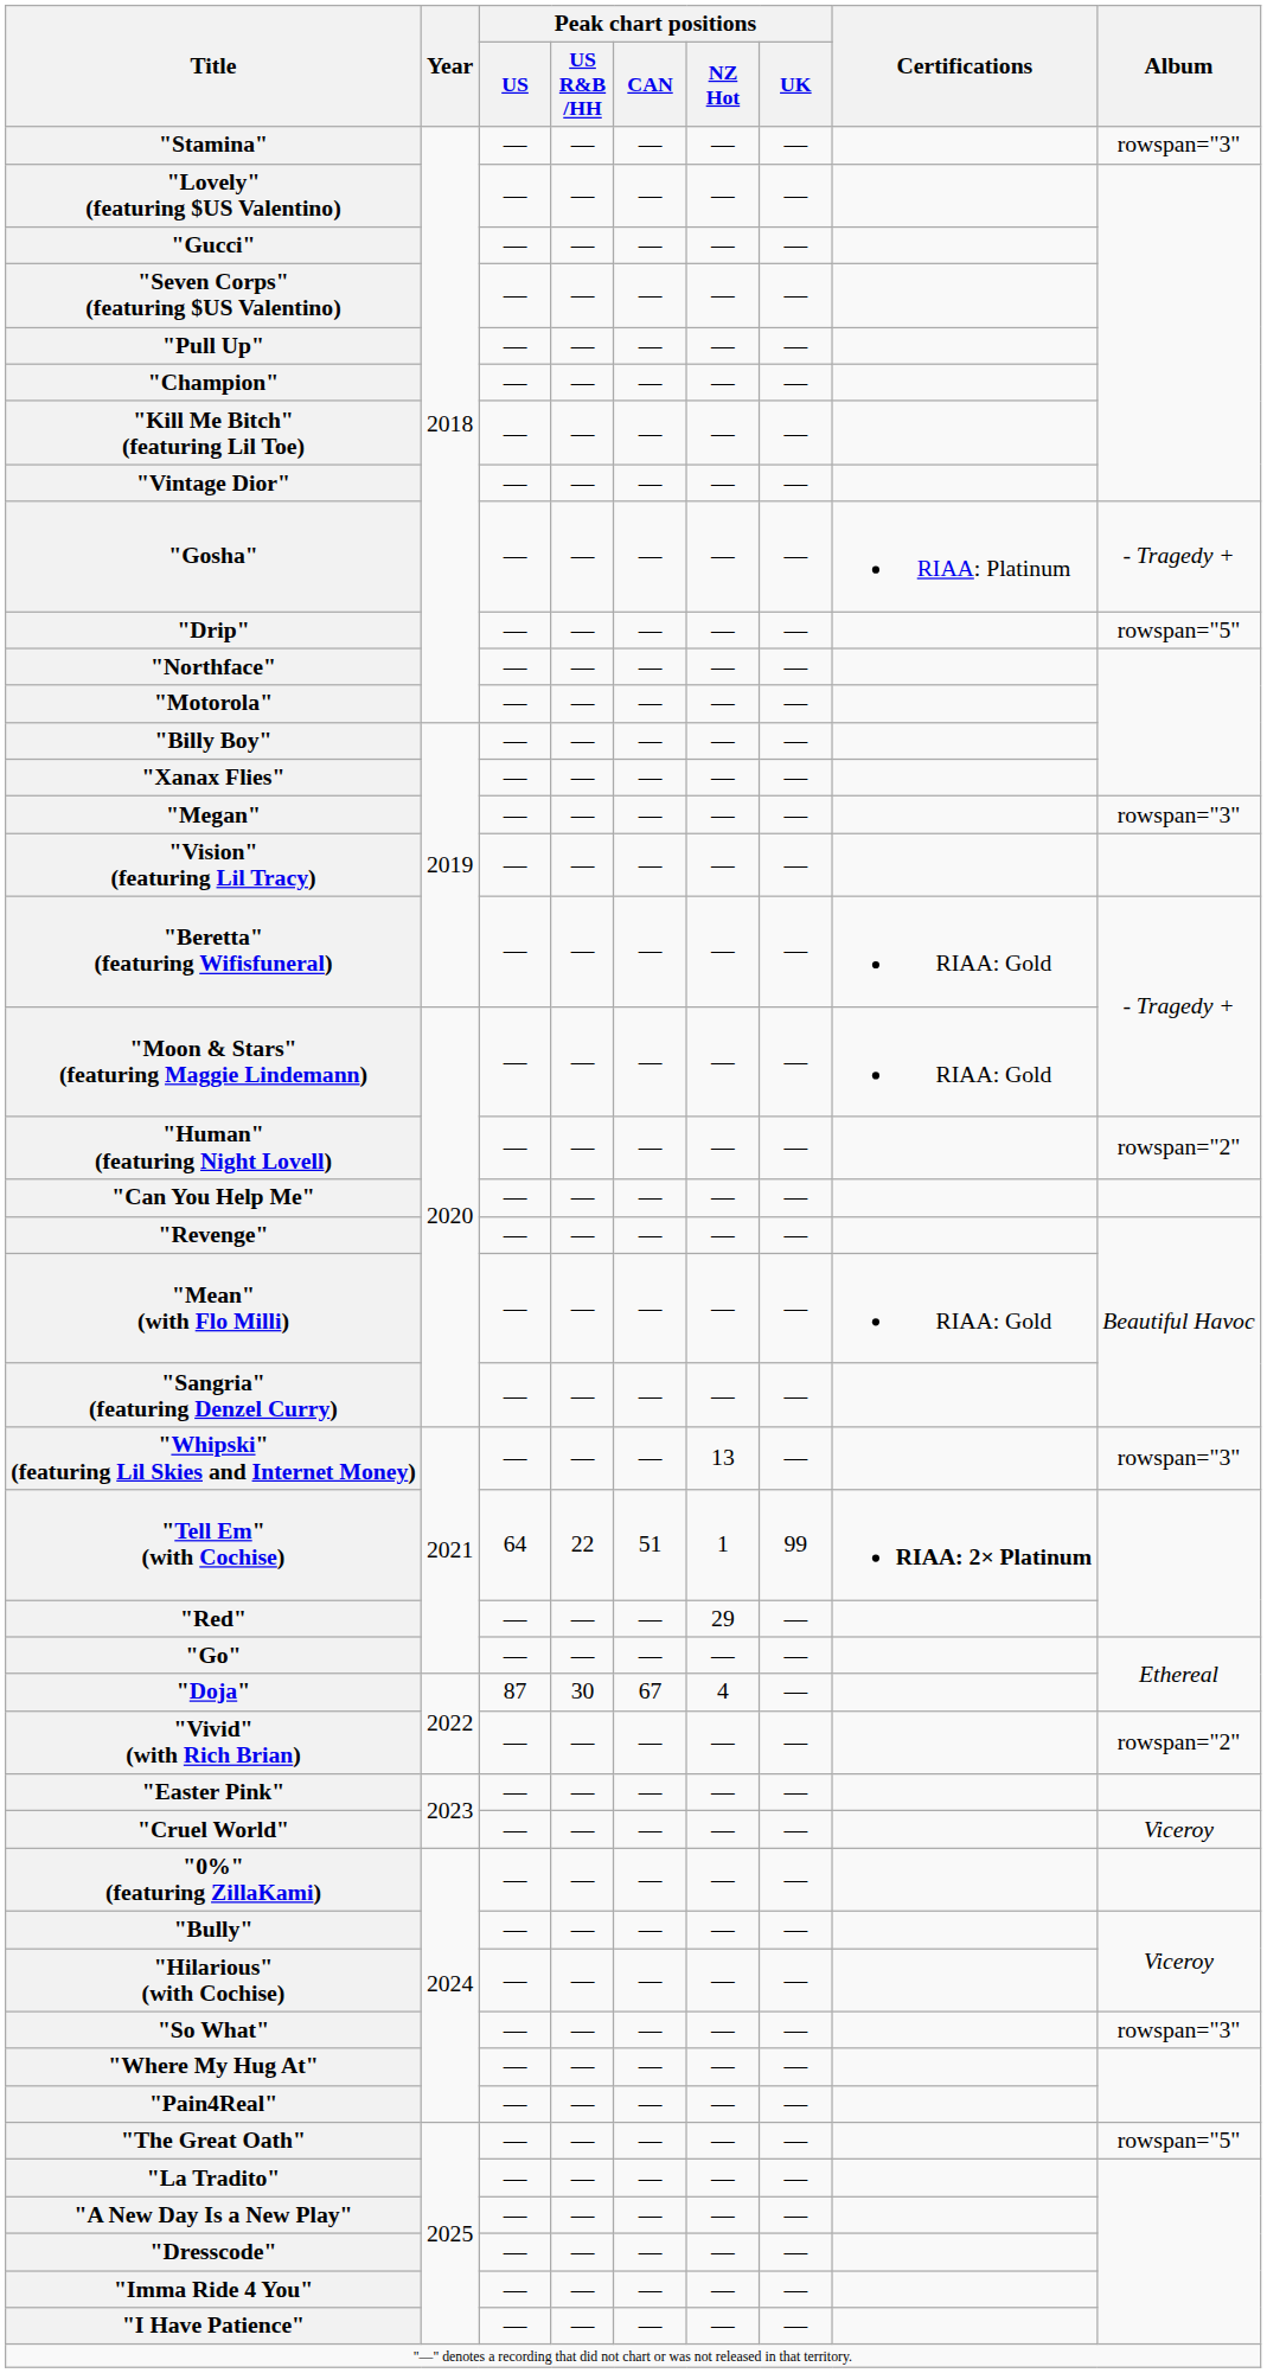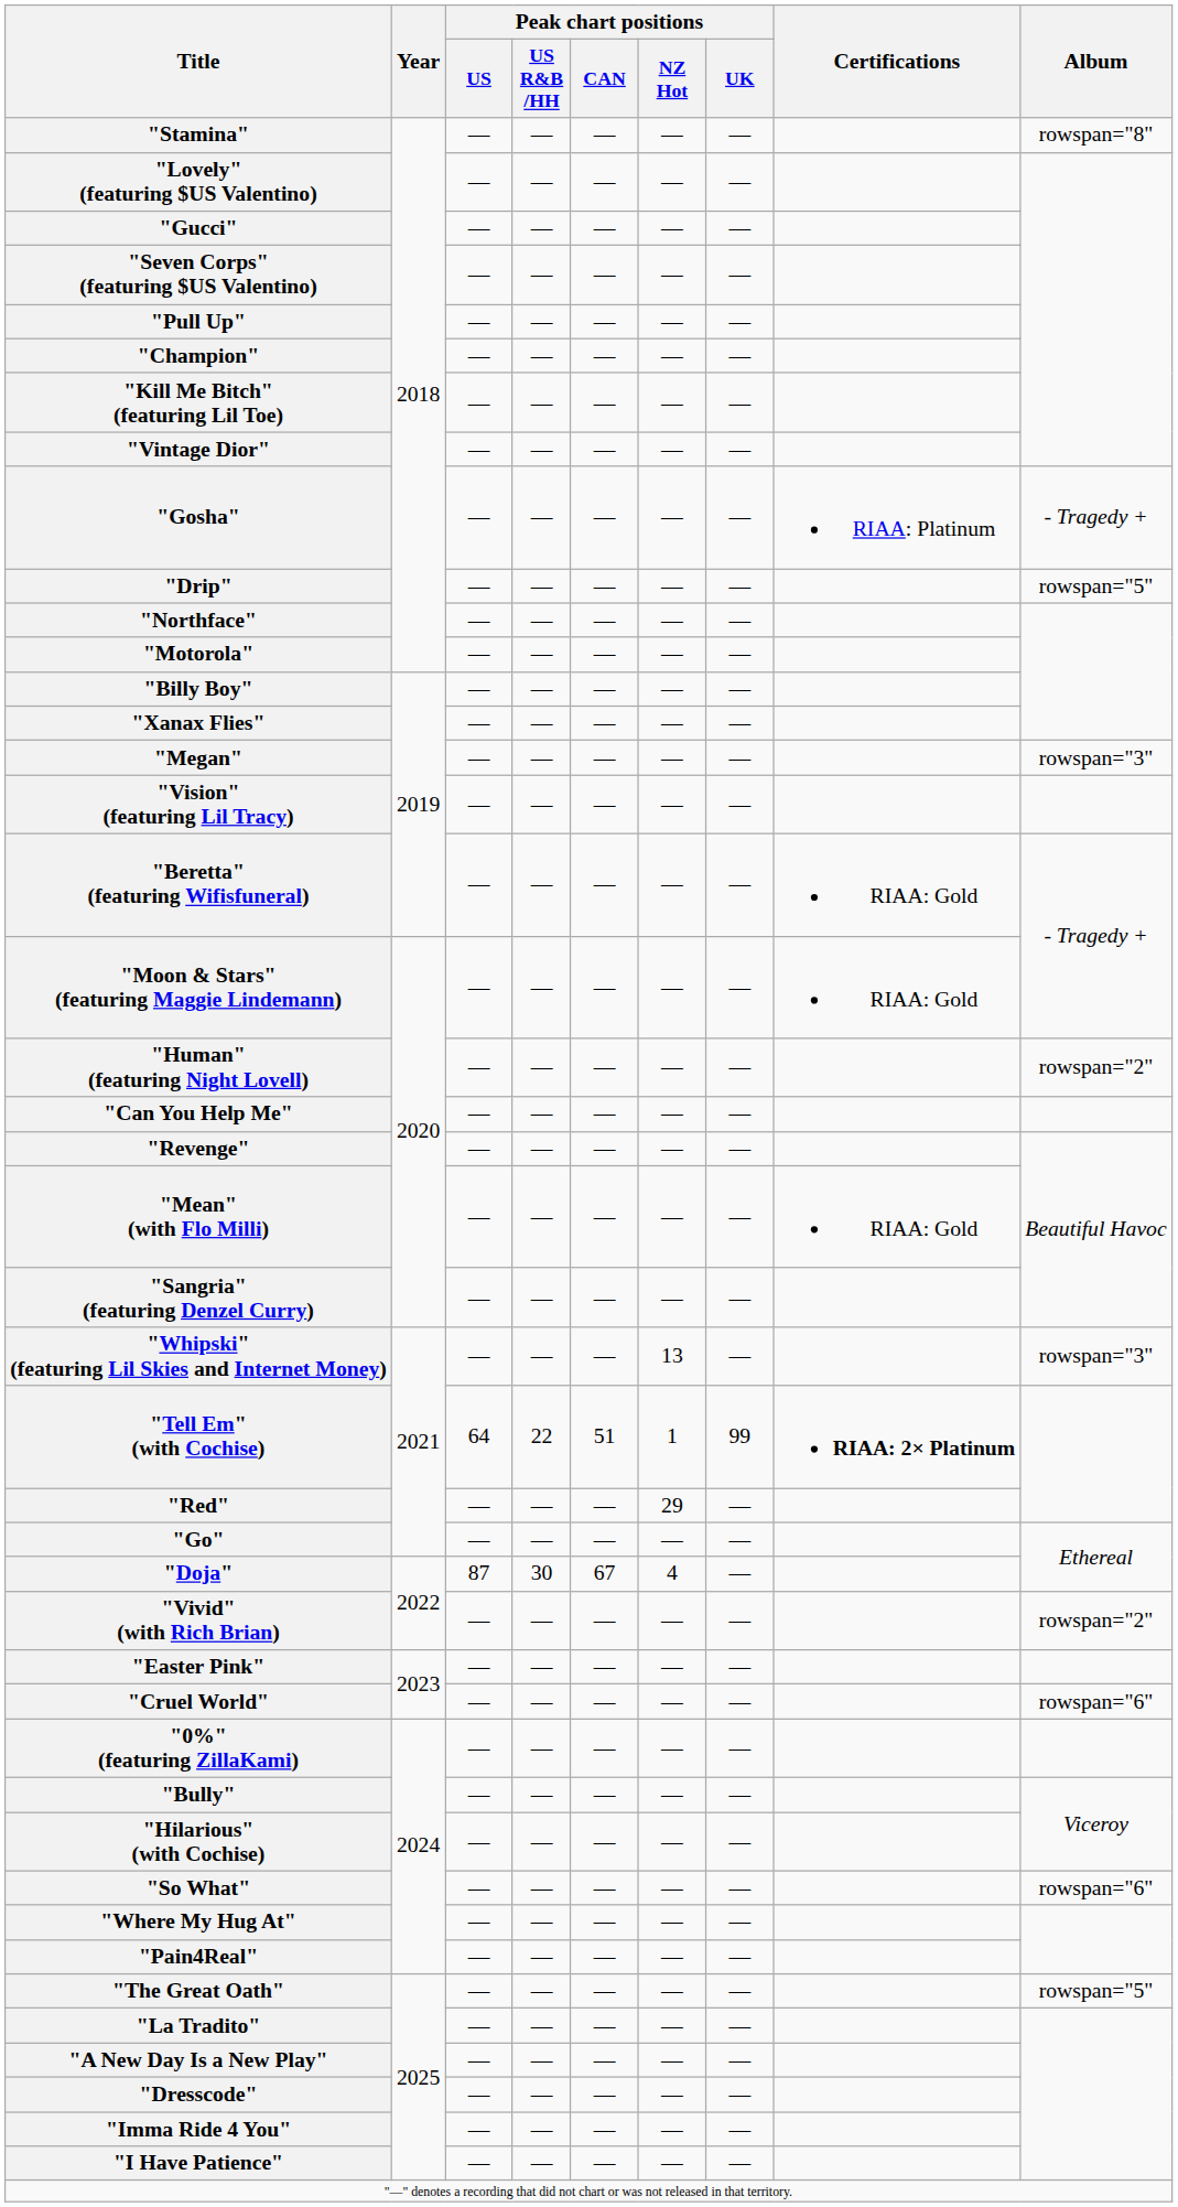 <table class="wikitable plainrowheaders" style="text-align:center;">
 <tr>
 <th scope="col" rowspan="2">Title</th>
 <th scope="col" rowspan="2">Year</th>
 <th colspan="5">Peak chart positions</th>
 <th scope="col" rowspan="2">Certifications</th>
 <th scope="col" rowspan="2">Album</th>
 </tr>
 <tr>
 <th scope="col" style="width:3em;font-size:90%;"><a href='#'>US</a><br></th>
 <th scope="col" style="width:2.5em;font-size:90%;"><a href='#'>US<br>R&B<br>/HH</a><br></th>
 <th scope="col" style="width:3em;font-size:90%;"><a href='#'>CAN</a><br></th>
 <th scope="col" style="width:3em;font-size:90%;"><a href='#'>NZ<br>Hot</a><br></th>
 <th scope="col" style="width:3em;font-size:90%;"><a href='#'>UK</a><br></th>
 </tr>
 <tr>
 <th scope="row">"Stamina"</th>
 <td rowspan="12">2018</td>
 <td>—</td>
 <td>—</td>
 <td>—</td>
 <td>—</td>
 <td>—</td>
 <td></td>
-<td>rowspan="3" </td>
+<td>rowspan="8" </td>
 </tr>
 <tr>
 <th scope="row">"Lovely"<br><span>(featuring $US Valentino)</span></th>
 <td>—</td>
 <td>—</td>
 <td>—</td>
 <td>—</td>
 <td>—</td>
 <td></td>
 </tr>
 <tr>
 <th scope="row">"Gucci"</th>
 <td>—</td>
 <td>—</td>
 <td>—</td>
 <td>—</td>
 <td>—</td>
 <td></td>
 </tr>
 <tr>
 <th scope="row">"Seven Corps"<br><span>(featuring $US Valentino)</span></th>
 <td>—</td>
 <td>—</td>
 <td>—</td>
 <td>—</td>
 <td>—</td>
 <td></td>
 </tr>
 <tr>
 <th scope="row">"Pull Up"</th>
 <td>—</td>
 <td>—</td>
 <td>—</td>
 <td>—</td>
 <td>—</td>
 <td></td>
 </tr>
 <tr>
 <th scope="row">"Champion"</th>
 <td>—</td>
 <td>—</td>
 <td>—</td>
 <td>—</td>
 <td>—</td>
 <td></td>
 </tr>
 <tr>
 <th scope="row">"Kill Me Bitch"<br><span>(featuring Lil Toe)</span></th>
 <td>—</td>
 <td>—</td>
 <td>—</td>
 <td>—</td>
 <td>—</td>
 <td></td>
 </tr>
 <tr>
 <th scope="row">"Vintage Dior"</th>
 <td>—</td>
 <td>—</td>
 <td>—</td>
 <td>—</td>
 <td>—</td>
 <td></td>
 </tr>
 <tr>
 <th scope="row">"Gosha"</th>
 <td>—</td>
 <td>—</td>
 <td>—</td>
 <td>—</td>
 <td>—</td>
 <td><br><ul><li><a href='#'>RIAA</a>: Platinum</li></ul></td>
 <td><em>- Tragedy +</em></td>
 </tr>
 <tr>
 <th scope="row">"Drip"</th>
 <td>—</td>
 <td>—</td>
 <td>—</td>
 <td>—</td>
 <td>—</td>
 <td></td>
 <td>rowspan="5" </td>
 </tr>
 <tr>
 <th scope="row">"Northface"</th>
 <td>—</td>
 <td>—</td>
 <td>—</td>
 <td>—</td>
 <td>—</td>
 <td></td>
 </tr>
 <tr>
 <th scope="row">"Motorola"</th>
 <td>—</td>
 <td>—</td>
 <td>—</td>
 <td>—</td>
 <td>—</td>
 <td></td>
 </tr>
 <tr>
 <th scope="row">"Billy Boy"</th>
 <td rowspan="5">2019</td>
 <td>—</td>
 <td>—</td>
 <td>—</td>
 <td>—</td>
 <td>—</td>
 <td></td>
 </tr>
 <tr>
 <th scope="row">"Xanax Flies"</th>
 <td>—</td>
 <td>—</td>
 <td>—</td>
 <td>—</td>
 <td>—</td>
 <td></td>
 </tr>
 <tr>
 <th scope="row">"Megan"</th>
 <td>—</td>
 <td>—</td>
 <td>—</td>
 <td>—</td>
 <td>—</td>
 <td></td>
 <td>rowspan="3" </td>
 </tr>
 <tr>
 <th scope="row">"Vision"<br><span>(featuring <a href='#'>Lil Tracy</a>)</span></th>
 <td>—</td>
 <td>—</td>
 <td>—</td>
 <td>—</td>
 <td>—</td>
 <td></td>
 <td></td>
 </tr>
 <tr>
 <th scope="row">"Beretta"<br><span>(featuring <a href='#'>Wifisfuneral</a>)</span></th>
 <td>—</td>
 <td>—</td>
 <td>—</td>
 <td>—</td>
 <td>—</td>
 <td><br><ul><li>RIAA: Gold</li></ul></td>
 <td rowspan="2"><em>- Tragedy +</em></td>
 </tr>
 <tr>
 <th scope="row">"Moon & Stars"<br><span>(featuring <a href='#'>Maggie Lindemann</a>)</span></th>
 <td rowspan="6">2020</td>
 <td>—</td>
 <td>—</td>
 <td>—</td>
 <td>—</td>
 <td>—</td>
 <td><br><ul><li>RIAA: Gold</li></ul></td>
 </tr>
 <tr>
 <th scope="row">"Human"<br><span>(featuring <a href='#'>Night Lovell</a>)</span></th>
 <td>—</td>
 <td>—</td>
 <td>—</td>
 <td>—</td>
 <td>—</td>
 <td></td>
 <td>rowspan="2" </td>
 </tr>
 <tr>
 <th scope="row">"Can You Help Me"</th>
 <td>—</td>
 <td>—</td>
 <td>—</td>
 <td>—</td>
 <td>—</td>
 <td></td>
 </tr>
 <tr>
 <th scope="row">"Revenge"</th>
 <td>—</td>
 <td>—</td>
 <td>—</td>
 <td>—</td>
 <td>—</td>
 <td></td>
 <td rowspan="3"><em>Beautiful Havoc</em></td>
 </tr>
 <tr>
 <th scope="row">"Mean"<br><span>(with <a href='#'>Flo Milli</a>)</span></th>
 <td>—</td>
 <td>—</td>
 <td>—</td>
 <td>—</td>
 <td>—</td>
 <td><br><ul><li>RIAA: Gold</li></ul></td>
 </tr>
 <tr>
 <th scope="row">"Sangria"<br><span>(featuring <a href='#'>Denzel Curry</a>)</span></th>
 <td>—</td>
 <td>—</td>
 <td>—</td>
 <td>—</td>
 <td>—</td>
 <td></td>
 </tr>
 <tr>
 <th scope="row">"<a href='#'>Whipski</a>"<br><span>(featuring <a href='#'>Lil Skies</a> and <a href='#'>Internet Money</a>)</span></th>
 <td rowspan="4">2021</td>
 <td>—</td>
 <td>—</td>
 <td>—</td>
 <td>13</td>
 <td>—</td>
 <td></td>
 <td>rowspan="3" </td>
 </tr>
 <tr>
 <th scope="row">"<a href='#'>Tell Em</a>" <br><span>(with <a href='#'>Cochise</a>)</span></th>
 <td>64</td>
 <td>22</td>
 <td>51</td>
 <td>1</td>
 <td>99</td>
 <td><strong><br><ul><li>RIAA: 2× Platinum</li></ul></strong></td>
 </tr>
 <tr>
 <th scope="row">"Red"</th>
 <td>—</td>
 <td>—</td>
 <td>—</td>
 <td>29</td>
 <td>—</td>
 <td></td>
 </tr>
 <tr>
 <th scope="row">"Go"</th>
 <td>—</td>
 <td>—</td>
 <td>—</td>
 <td>—</td>
 <td>—</td>
 <td></td>
 <td rowspan="2"><em>Ethereal</em></td>
 </tr>
 <tr>
 <th scope="row">"<a href='#'>Doja</a>"<br></th>
 <td rowspan="2">2022</td>
 <td>87</td>
 <td>30</td>
 <td>67</td>
 <td>4</td>
 <td>—</td>
 <td></td>
 </tr>
 <tr>
 <th scope="row">"Vivid"<br><span>(with <a href='#'>Rich Brian</a>)</span></th>
 <td>—</td>
 <td>—</td>
 <td>—</td>
 <td>—</td>
 <td>—</td>
 <td></td>
 <td>rowspan="2" </td>
 </tr>
 <tr>
 <th scope="row">"Easter Pink"</th>
 <td rowspan="2">2023</td>
 <td>—</td>
 <td>—</td>
 <td>—</td>
 <td>—</td>
 <td>—</td>
 <td></td>
 </tr>
 <tr>
 <th scope="row">"Cruel World"</th>
 <td>—</td>
 <td>—</td>
 <td>—</td>
 <td>—</td>
 <td>—</td>
 <td></td>
-<td><em>Viceroy</em></td>
+<td>rowspan="6" </td>
 </tr>
 <tr>
 <th scope="row">"0%"<br><span>(featuring <a href='#'>ZillaKami</a>)</span></th>
 <td rowspan="6">2024</td>
 <td>—</td>
 <td>—</td>
 <td>—</td>
 <td>—</td>
 <td>—</td>
 <td></td>
 <td></td>
 </tr>
 <tr>
 <th scope="row">"Bully"</th>
 <td>—</td>
 <td>—</td>
 <td>—</td>
 <td>—</td>
 <td>—</td>
 <td></td>
 <td rowspan="2"><em>Viceroy</em></td>
 </tr>
 <tr>
 <th scope="row">"Hilarious"<br><span>(with Cochise)</span></th>
 <td>—</td>
 <td>—</td>
 <td>—</td>
 <td>—</td>
 <td>—</td>
 <td></td>
 </tr>
 <tr>
 <th scope="row">"So What"</th>
 <td>—</td>
 <td>—</td>
 <td>—</td>
 <td>—</td>
 <td>—</td>
 <td></td>
-<td>rowspan="3" </td>
+<td>rowspan="6" </td>
 </tr>
 <tr>
 <th scope="row">"Where My Hug At"</th>
 <td>—</td>
 <td>—</td>
 <td>—</td>
 <td>—</td>
 <td>—</td>
 <td></td>
 </tr>
 <tr>
 <th scope="row">"Pain4Real"</th>
 <td>—</td>
 <td>—</td>
 <td>—</td>
 <td>—</td>
 <td>—</td>
 <td></td>
 </tr>
 <tr>
 <th scope="row">"The Great Oath"</th>
 <td rowspan="6">2025</td>
 <td>—</td>
 <td>—</td>
 <td>—</td>
 <td>—</td>
 <td>—</td>
 <td></td>
 <td>rowspan="5" </td>
 </tr>
 <tr>
 <th scope="row">"La Tradito"</th>
 <td>—</td>
 <td>—</td>
 <td>—</td>
 <td>—</td>
 <td>—</td>
 <td></td>
 </tr>
 <tr>
 <th scope="row">"A New Day Is a New Play"</th>
 <td>—</td>
 <td>—</td>
 <td>—</td>
 <td>—</td>
 <td>—</td>
 <td></td>
 </tr>
 <tr>
 <th scope="row">"Dresscode"</th>
 <td>—</td>
 <td>—</td>
 <td>—</td>
 <td>—</td>
 <td>—</td>
 <td></td>
 </tr>
 <tr>
 <th scope="row">"Imma Ride 4 You"</th>
 <td>—</td>
 <td>—</td>
 <td>—</td>
 <td>—</td>
 <td>—</td>
 <td></td>
 </tr>
 <tr>
 <th scope="row">"I Have Patience"</th>
 <td>—</td>
 <td>—</td>
 <td>—</td>
 <td>—</td>
 <td>—</td>
 <td></td>
 </tr>
 <tr>
 <td style="font-size:60%" colspan="14">"—" denotes a recording that did not chart or was not released in that territory.</td>
 </tr>
 </table>
